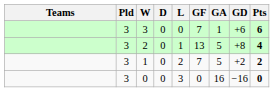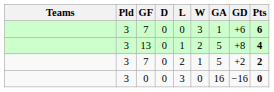 <table class="wikitable" style="text-align: center;">
 <tr>
 <th width=165>Teams</th>
 <th width=20>Pld</th>
-<th width=20>W</th>
+<th width=20>GF</th>
 <th width=20>D</th>
 <th width=20>L</th>
-<th width=20>GF</th>
+<th width=20>W</th>
 <th width=20>GA</th>
 <th width=20>GD</th>
 <th width=20>Pts</th>
 </tr>
 <tr align=center style="background:#ccffcc;">
 <td style="text-align:left;"></td>
 <td>3</td>
-<td>3</td>
+<td>7</td>
 <td>0</td>
 <td>0</td>
-<td>7</td>
+<td>3</td>
 <td>1</td>
 <td>+6</td>
 <td><strong>6</strong></td>
 </tr>
 <tr align=center style="background:#ccffcc;">
 <td style="text-align:left;"></td>
 <td>3</td>
-<td>2</td>
+<td>13</td>
 <td>0</td>
 <td>1</td>
-<td>13</td>
+<td>2</td>
 <td>5</td>
 <td>+8</td>
 <td><strong>4</strong></td>
 </tr>
 <tr align=center>
 <td style="text-align:left;"></td>
 <td>3</td>
-<td>1</td>
+<td>7</td>
 <td>0</td>
 <td>2</td>
-<td>7</td>
+<td>1</td>
 <td>5</td>
 <td>+2</td>
 <td><strong>2</strong></td>
 </tr>
 <tr align=center>
 <td style="text-align:left;"></td>
 <td>3</td>
 <td>0</td>
 <td>0</td>
 <td>3</td>
 <td>0</td>
 <td>16</td>
 <td>−16</td>
 <td><strong>0</strong></td>
 </tr>
 </table>
